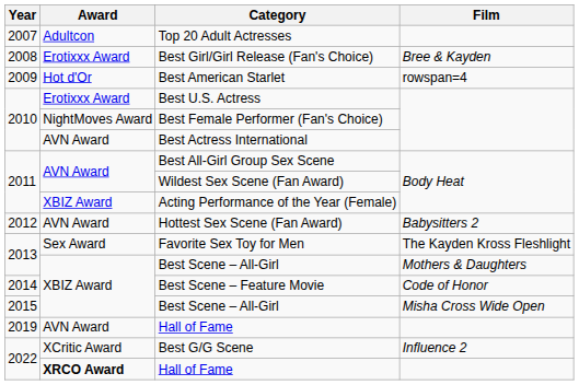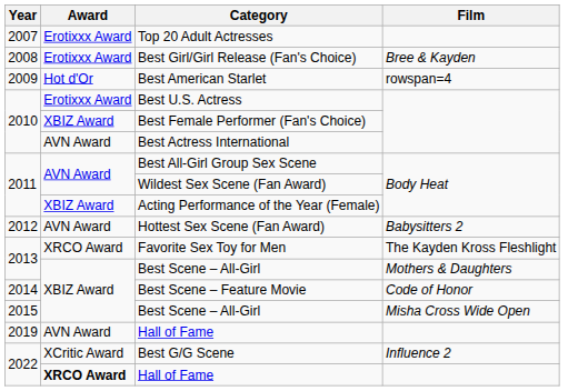 <table class="wikitable">
 <tr>
 <th>Year</th>
 <th>Award</th>
 <th>Category</th>
 <th>Film</th>
 </tr>
 <tr>
 <td>2007</td>
-<td><a href='#'>Adultcon</a></td>
+<td><a href='#'>Erotixxx Award</a></td>
 <td>Top 20 Adult Actresses</td>
 <td></td>
 </tr>
 <tr>
 <td>2008</td>
 <td><a href='#'>Erotixxx Award</a></td>
 <td>Best Girl/Girl Release (Fan's Choice)</td>
 <td><em>Bree & Kayden</em></td>
 </tr>
 <tr>
 <td>2009</td>
 <td><a href='#'>Hot d'Or</a></td>
 <td>Best American Starlet</td>
 <td>rowspan=4 </td>
 </tr>
 <tr>
 <td rowspan=3>2010</td>
 <td><a href='#'>Erotixxx Award</a></td>
 <td>Best U.S. Actress</td>
 </tr>
 <tr>
-<td>NightMoves Award</td>
+<td><a href='#'>XBIZ Award</a></td>
 <td>Best Female Performer (Fan's Choice)</td>
 </tr>
 <tr>
 <td>AVN Award</td>
 <td>Best Actress International</td>
 </tr>
 <tr>
 <td rowspan=3>2011</td>
 <td rowspan=2><a href='#'>AVN Award</a></td>
 <td>Best All-Girl Group Sex Scene</td>
 <td rowspan=3><em>Body Heat</em></td>
 </tr>
 <tr>
 <td>Wildest Sex Scene (Fan Award)</td>
 </tr>
 <tr>
 <td><a href='#'>XBIZ Award</a></td>
 <td>Acting Performance of the Year (Female)</td>
 </tr>
 <tr>
 <td>2012</td>
 <td>AVN Award</td>
 <td>Hottest Sex Scene (Fan Award)</td>
 <td><em>Babysitters 2</em></td>
 </tr>
 <tr>
 <td rowspan=2>2013</td>
-<td>Sex Award</td>
+<td>XRCO Award</td>
 <td>Favorite Sex Toy for Men</td>
 <td>The Kayden Kross Fleshlight</td>
 </tr>
 <tr>
 <td rowspan=3>XBIZ Award</td>
 <td>Best Scene – All-Girl</td>
 <td><em>Mothers & Daughters</em></td>
 </tr>
 <tr>
 <td>2014</td>
 <td>Best Scene – Feature Movie</td>
 <td><em>Code of Honor</em></td>
 </tr>
 <tr>
 <td>2015</td>
 <td>Best Scene – All-Girl</td>
 <td><em>Misha Cross Wide Open</em></td>
 </tr>
 <tr>
 <td>2019</td>
 <td>AVN Award</td>
 <td><a href='#'>Hall of Fame</a></td>
 <td></td>
 </tr>
 <tr>
 <td rowspan=2>2022</td>
 <td>XCritic Award</td>
 <td>Best G/G Scene</td>
 <td><em>Influence 2</em></td>
 </tr>
 <tr>
 <td><strong>XRCO Award</strong></td>
 <td><a href='#'>Hall of Fame</a></td>
 <td></td>
 </tr>
 </table>
